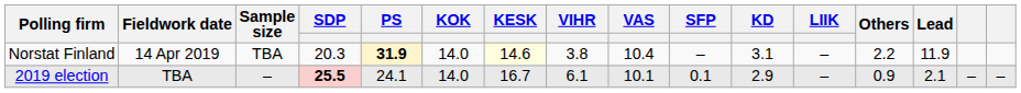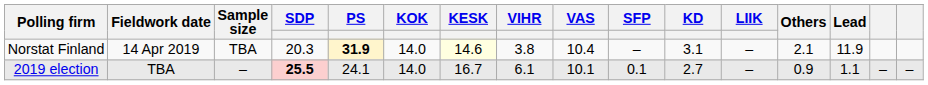 <table class="wikitable sortable mw-datatable" style="text-align:center;font-size:90%;line-height:14px;">
 <tr>
 <th rowspan="2">Polling firm</th>
 <th rowspan="2">Fieldwork date</th>
 <th rowspan="2">Sample<br>size</th>
 <th class="unsortable" style="width:50px;"><a href='#'>SDP</a></th>
 <th class="unsortable" style="width:50px;"><a href='#'>PS</a></th>
 <th class="unsortable" style="width:50px;"><a href='#'>KOK</a></th>
 <th class="unsortable" style="width:50px;"><a href='#'>KESK</a></th>
 <th class="unsortable" style="width:50px;"><a href='#'>VIHR</a></th>
 <th class="unsortable" style="width:50px;"><a href='#'>VAS</a></th>
 <th class="unsortable" style="width:50px;"><a href='#'>SFP</a></th>
 <th class="unsortable" style="width:50px;"><a href='#'>KD</a></th>
 <th class="unsortable" style="width:50px;"><a href='#'>LIIK</a></th>
 <th class="unsortable" style="width:30px;" rowspan="2">Others</th>
 <th class="unsortable" style="width:30px;" rowspan="2">Lead</th>
 <th class="unsortable" style="width:20px;" rowspan="2"></th>
 <th class="unsortable" style="width:20px;" rowspan="2"></th>
 </tr>
 <tr>
 <th data-sort-type="number" style="background:"></th>
 <th data-sort-type="number" style="background:"></th>
 <th data-sort-type="number" style="background:"></th>
 <th data-sort-type="number" style="background:"></th>
 <th data-sort-type="number" style="background:"></th>
 <th data-sort-type="number" style="background:"></th>
 <th data-sort-type="number" style="background:"></th>
 <th data-sort-type="number" style="background:"></th>
 <th data-sort-type="number" style="background:"></th>
 </tr>
 <tr>
 <td>Norstat Finland</td>
 <td data-sort-value="2019-04-14">14 Apr 2019</td>
 <td>TBA</td>
 <td>20.3</td>
 <td style="background:#FFF5CC;"><strong>31.9</strong></td>
 <td>14.0</td>
 <td style="background: lightyellow;">14.6</td>
 <td>3.8</td>
 <td>10.4</td>
 <td>–</td>
 <td>3.1</td>
 <td>–</td>
-<td>2.2</td>
+<td>2.1</td>
 <td style="background:">11.9</td>
 <td></td>
 <td></td>
 </tr>
 <tr style="background:#E9E9E9;">
 <td><a href='#'>2019 election</a></td>
 <td data-sort-value="2023-03-01">TBA</td>
 <td>–</td>
 <td style="background:#FCCFCF;"><strong>25.5</strong></td>
 <td>24.1</td>
 <td>14.0</td>
 <td>16.7</td>
 <td>6.1</td>
 <td>10.1</td>
 <td>0.1</td>
-<td>2.9</td>
+<td>2.7</td>
 <td>–</td>
 <td>0.9</td>
-<td style="background:">2.1</td>
+<td style="background:">1.1</td>
 <td>–</td>
 <td>–</td>
 </tr>
 </table>
